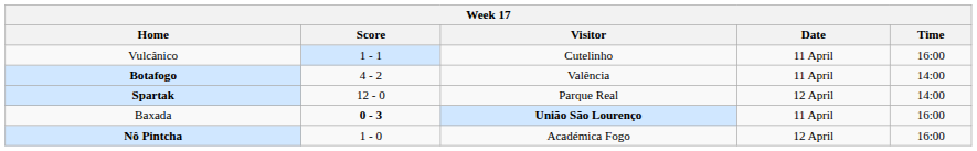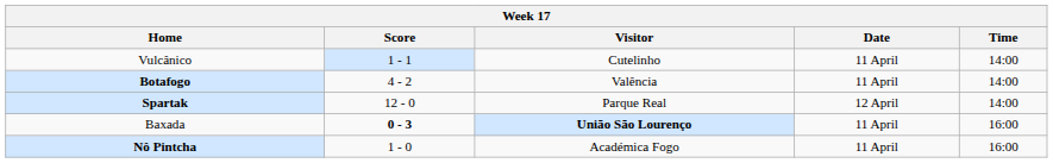 <table class="wikitable" style="margin:1em auto; font-size:95%; text-align: center; width: 95%;">
 <tr>
 <th colspan="12"  style="with:100%;">Week 17</th>
 </tr>
 <tr>
 <th style="width:200px;">Home</th>
 <th width="90">Score</th>
 <th style="width:200px;">Visitor</th>
 <th style="width:100px;">Date</th>
 <th style="width:50px;">Time</th>
 </tr>
 <tr>
 <td>Vulcânico</td>
 <td bgcolor=#D0E7FF>1 - 1</td>
 <td>Cutelinho</td>
 <td>11 April</td>
-<td>16:00</td>
+<td>14:00</td>
 </tr>
 <tr>
 <td bgcolor=#D0E7FF><strong>Botafogo</strong></td>
 <td>4 - 2</td>
 <td>Valência</td>
 <td>11 April</td>
 <td>14:00</td>
 </tr>
 <tr>
 <td bgcolor=#D0E7FF><strong>Spartak</strong></td>
 <td>12 - 0</td>
 <td>Parque Real</td>
 <td>12 April</td>
 <td>14:00</td>
 </tr>
 <tr>
 <td>Baxada</td>
 <td><strong>0 - 3</strong></td>
 <td bgcolor=#D0E7FF><strong>União São Lourenço</strong></td>
 <td>11 April</td>
 <td>16:00</td>
 </tr>
 <tr>
 <td bgcolor=#D0E7FF><strong>Nô Pintcha</strong></td>
 <td>1 - 0</td>
 <td>Académica Fogo</td>
-<td>12 April</td>
+<td>11 April</td>
 <td>16:00</td>
 </tr>
 </table>
